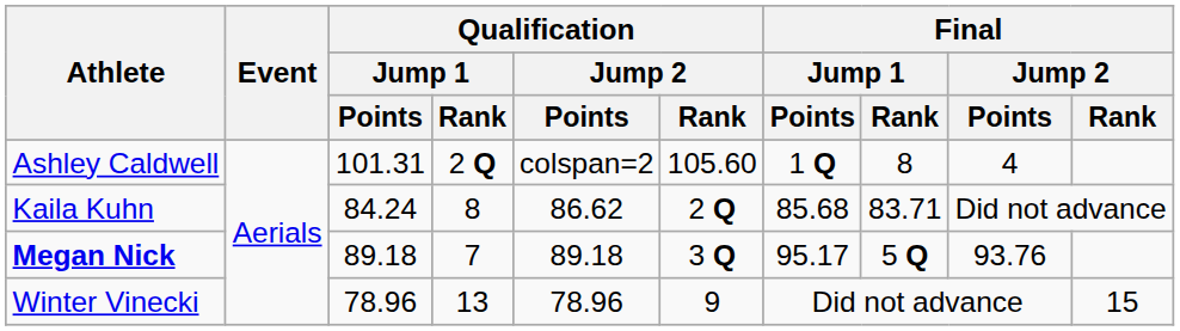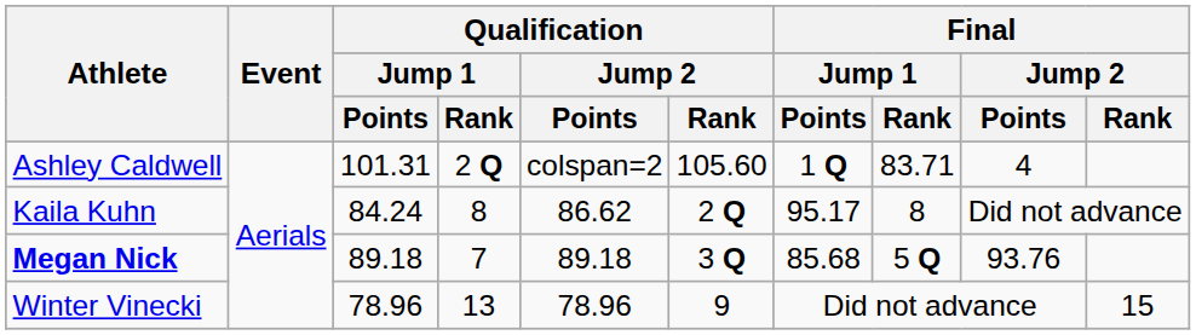 <table class=wikitable style=font-size:90%;text-align:center>
 <tr>
 <th rowspan=3>Athlete</th>
 <th rowspan=3>Event</th>
 <th colspan=4>Qualification</th>
 <th colspan=4>Final</th>
 </tr>
 <tr style=font-size:95%>
 <th colspan=2>Jump 1</th>
 <th colspan=2>Jump 2</th>
 <th colspan=2>Jump 1</th>
 <th colspan=2>Jump 2</th>
 </tr>
 <tr style=font-size:95%>
 <th>Points</th>
 <th>Rank</th>
 <th>Points</th>
 <th>Rank</th>
 <th>Points</th>
 <th>Rank</th>
 <th>Points</th>
 <th>Rank</th>
 </tr>
 <tr>
 <td align=left><a href='#'>Ashley Caldwell</a></td>
 <td align=left rowspan=4><a href='#'>Aerials</a></td>
 <td>101.31</td>
 <td>2 <strong>Q</strong></td>
 <td>colspan=2 </td>
 <td>105.60</td>
 <td>1 <strong>Q</strong></td>
-<td>8</td>
+<td>83.71</td>
 <td>4</td>
 </tr>
 <tr>
 <td align=left><a href='#'>Kaila Kuhn</a></td>
 <td>84.24</td>
 <td>8</td>
 <td>86.62</td>
 <td>2 <strong>Q</strong></td>
-<td>85.68</td>
-<td>83.71</td>
+<td>95.17</td>
+<td>8</td>
 <td colspan=2>Did not advance</td>
 </tr>
 <tr>
 <td align=left><strong><a href='#'>Megan Nick</a></strong></td>
 <td>89.18</td>
 <td>7</td>
 <td>89.18</td>
 <td>3 <strong>Q</strong></td>
-<td>95.17</td>
+<td>85.68</td>
 <td>5 <strong>Q</strong></td>
 <td>93.76</td>
 <td></td>
 </tr>
 <tr>
 <td align=left><a href='#'>Winter Vinecki</a></td>
 <td>78.96</td>
 <td>13</td>
 <td>78.96</td>
 <td>9</td>
 <td colspan=3>Did not advance</td>
 <td>15</td>
 </tr>
 </table>
